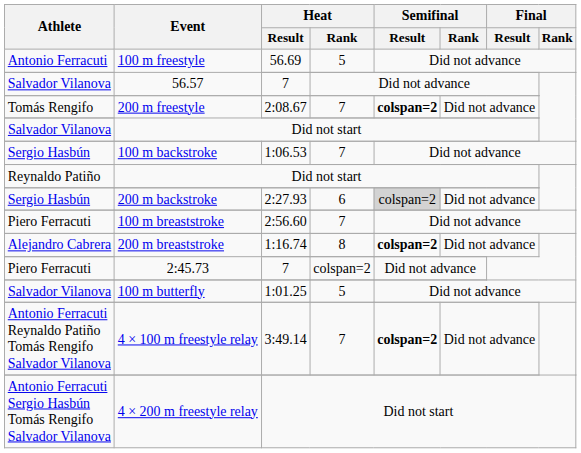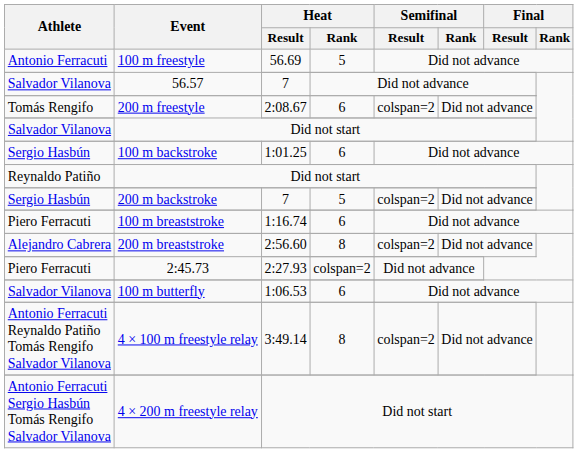 <table class="wikitable" style="font-size:90%; text-align: center">
 <tr>
 <th rowspan="2">Athlete</th>
 <th rowspan="2">Event</th>
 <th colspan="2">Heat</th>
 <th colspan="2">Semifinal</th>
 <th colspan="2">Final</th>
 </tr>
 <tr style="font-size:95%">
 <th>Result</th>
 <th>Rank</th>
 <th>Result</th>
 <th>Rank</th>
 <th>Result</th>
 <th>Rank</th>
 </tr>
 <tr>
 <td align=left><a href='#'>Antonio Ferracuti</a></td>
 <td align=left rowspan=2><a href='#'>100 m freestyle</a></td>
 <td>56.69</td>
 <td>5</td>
 <td colspan=4>Did not advance</td>
 </tr>
 <tr>
 </tr>
 <tr>
 <td align=left><a href='#'>Salvador Vilanova</a></td>
 <td>56.57</td>
 <td>7</td>
 <td colspan=4>Did not advance</td>
 </tr>
 <tr>
 </tr>
 <tr align=center>
 <td align=left>Tomás Rengifo</td>
 <td align=left rowspan=2><a href='#'>200 m freestyle</a></td>
 <td>2:08.67</td>
-<td>7</td>
-<td><strong>colspan=2 </strong></td>
+<td>6</td>
+<td>colspan=2 </td>
 <td colspan=2>Did not advance</td>
 </tr>
 <tr>
 </tr>
 <tr align=center>
 <td><a href='#'>Salvador Vilanova</a></td>
 <td colspan=6>Did not start</td>
 </tr>
 <tr>
 </tr>
 <tr align=center>
 <td align=left><a href='#'>Sergio Hasbún</a></td>
 <td align=left rowspan=2><a href='#'>100 m backstroke</a></td>
-<td>1:06.53</td>
-<td>7</td>
+<td>1:01.25</td>
+<td>6</td>
 <td colspan=4>Did not advance</td>
 </tr>
 <tr>
 </tr>
 <tr align=center>
 <td align=left>Reynaldo Patiño</td>
 <td colspan=6>Did not start</td>
 </tr>
 <tr>
 </tr>
 <tr align=center>
 <td align=left><a href='#'>Sergio Hasbún</a></td>
 <td align=left><a href='#'>200 m backstroke</a></td>
-<td>2:27.93</td>
-<td>6</td>
-<td style="background: lightgrey;">colspan=2 </td>
+<td>7</td>
+<td>5</td>
+<td>colspan=2 </td>
 <td colspan=2>Did not advance</td>
 </tr>
 <tr>
 </tr>
 <tr align=center>
 <td align=left>Piero Ferracuti</td>
 <td align=left><a href='#'>100 m breaststroke</a></td>
-<td>2:56.60</td>
-<td>7</td>
+<td>1:16.74</td>
+<td>6</td>
 <td colspan=4>Did not advance</td>
 </tr>
 <tr>
 </tr>
 <tr align=center>
 <td align=left><a href='#'>Alejandro Cabrera</a></td>
 <td align=left rowspan=2><a href='#'>200 m breaststroke</a></td>
-<td>1:16.74</td>
+<td>2:56.60</td>
 <td>8</td>
-<td><strong>colspan=2 </strong></td>
+<td>colspan=2 </td>
 <td colspan=2>Did not advance</td>
 </tr>
 <tr>
 </tr>
 <tr align=center>
 <td align=left>Piero Ferracuti</td>
 <td>2:45.73</td>
-<td>7</td>
+<td>2:27.93</td>
 <td>colspan=2 </td>
 <td colspan=2>Did not advance</td>
 </tr>
 <tr>
 </tr>
 <tr align=center>
 <td><a href='#'>Salvador Vilanova</a></td>
 <td align=left><a href='#'>100 m butterfly</a></td>
-<td>1:01.25</td>
-<td>5</td>
+<td>1:06.53</td>
+<td>6</td>
 <td colspan=4>Did not advance</td>
 </tr>
 <tr>
 </tr>
 <tr align=center>
 <td align=left><a href='#'>Antonio Ferracuti</a><br>Reynaldo Patiño<br>Tomás Rengifo<br><a href='#'>Salvador Vilanova</a></td>
 <td align=left><a href='#'>4 × 100 m freestyle relay</a></td>
 <td>3:49.14</td>
-<td>7</td>
-<td><strong>colspan=2 </strong></td>
+<td>8</td>
+<td>colspan=2 </td>
 <td colspan=2>Did not advance</td>
 </tr>
 <tr>
 </tr>
 <tr align=center>
 <td align=left><a href='#'>Antonio Ferracuti</a><br><a href='#'>Sergio Hasbún</a><br>Tomás Rengifo<br><a href='#'>Salvador Vilanova</a></td>
 <td align=left><a href='#'>4 × 200 m freestyle relay</a></td>
 <td colspan=6>Did not start</td>
 </tr>
 </table>
